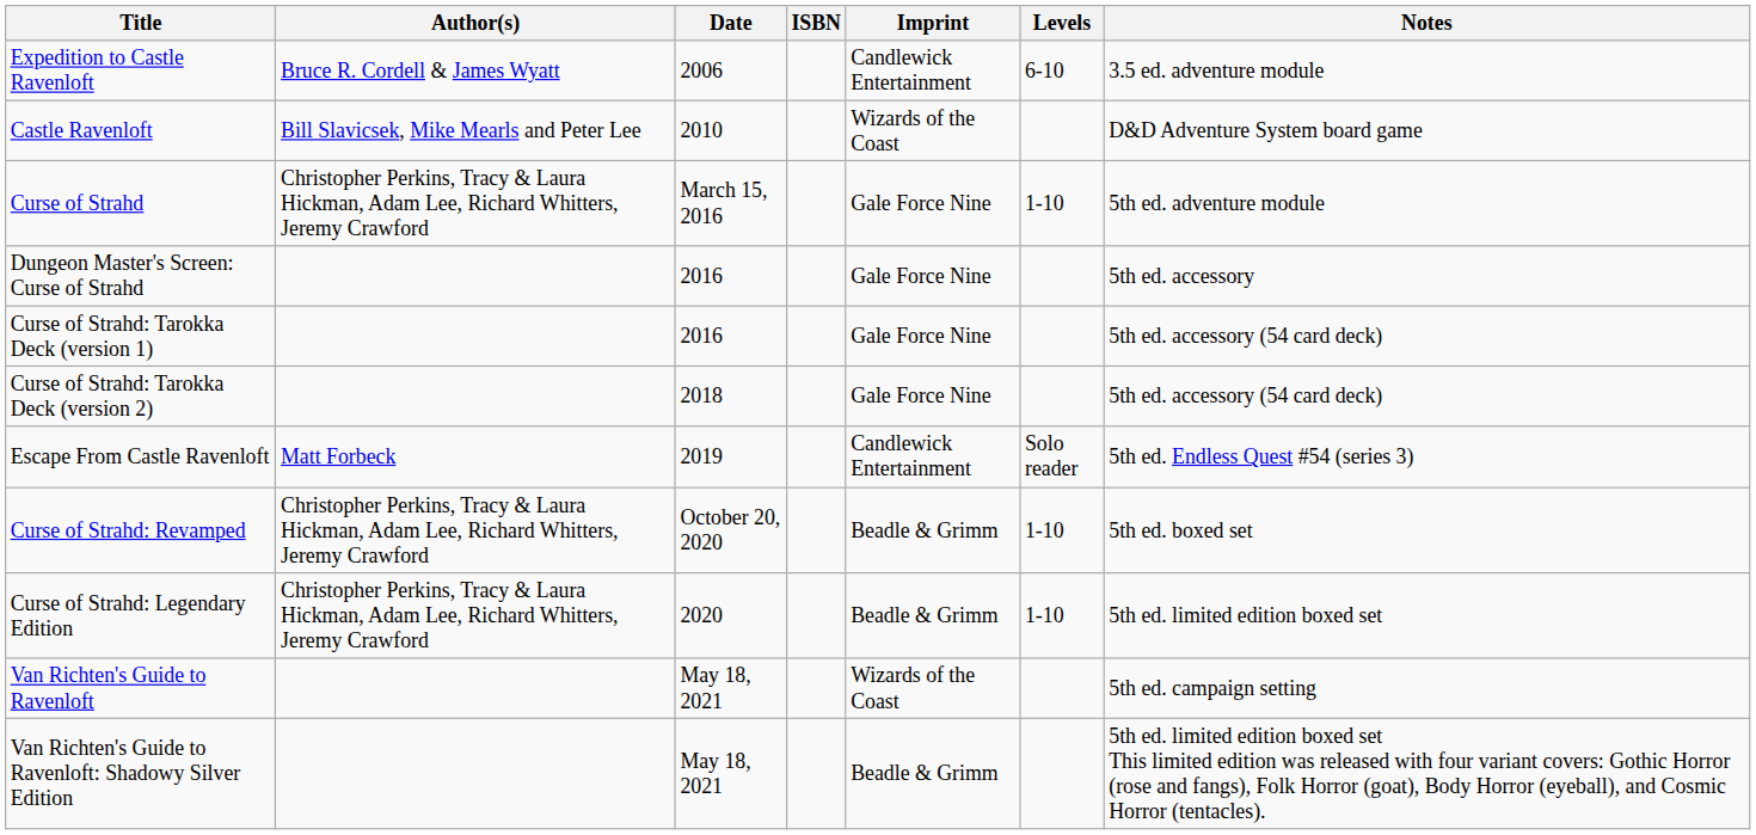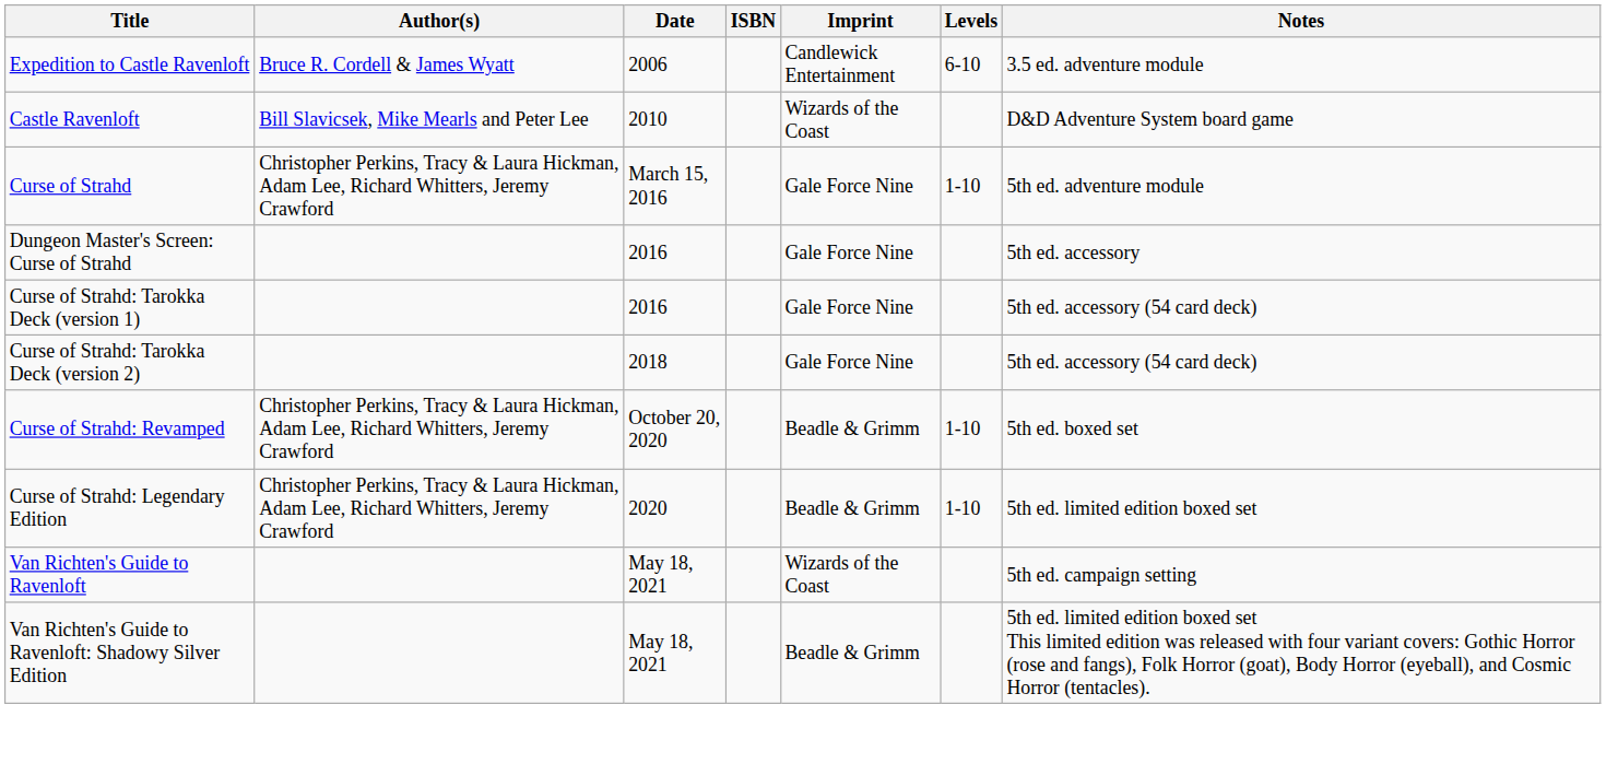 <table class="wikitable sortable" style="margins:auto; width=95%; font-size: 95%;">
 <tr>
 <th>Title</th>
 <th>Author(s)</th>
 <th>Date</th>
 <th>ISBN</th>
 <th>Imprint</th>
 <th>Levels</th>
 <th>Notes</th>
 </tr>
 <tr>
 <td><a href='#'>Expedition to Castle Ravenloft</a></td>
 <td><a href='#'>Bruce R. Cordell</a> & <a href='#'>James Wyatt</a></td>
 <td>2006</td>
 <td></td>
 <td>Candlewick Entertainment</td>
 <td>6-10</td>
 <td>3.5 ed. adventure module</td>
 </tr>
 <tr>
 <td><a href='#'>Castle Ravenloft</a></td>
 <td><a href='#'>Bill Slavicsek</a>, <a href='#'>Mike Mearls</a> and Peter Lee</td>
 <td>2010</td>
 <td></td>
 <td>Wizards of the Coast</td>
 <td></td>
 <td>D&D Adventure System board game </td>
 </tr>
 <tr>
 <td><a href='#'>Curse of Strahd</a></td>
 <td>Christopher Perkins, Tracy & Laura Hickman, Adam Lee, Richard Whitters, Jeremy Crawford</td>
 <td>March 15, 2016</td>
 <td></td>
 <td>Gale Force Nine</td>
 <td>1-10</td>
 <td>5th ed. adventure module</td>
 </tr>
 <tr>
 <td>Dungeon Master's Screen: Curse of Strahd</td>
 <td></td>
 <td>2016</td>
 <td></td>
 <td>Gale Force Nine</td>
 <td></td>
 <td>5th ed. accessory</td>
 </tr>
 <tr>
 <td>Curse of Strahd: Tarokka Deck (version 1)</td>
 <td></td>
 <td>2016</td>
 <td></td>
 <td>Gale Force Nine</td>
 <td></td>
 <td>5th ed. accessory (54 card deck)</td>
 </tr>
 <tr>
 <td>Curse of Strahd: Tarokka Deck (version 2)</td>
 <td></td>
 <td>2018</td>
 <td></td>
 <td>Gale Force Nine</td>
 <td></td>
 <td>5th ed. accessory (54 card deck)</td>
 </tr>
 <tr>
-<td>Escape From Castle Ravenloft</td>
-<td><a href='#'>Matt Forbeck</a></td>
-<td>2019</td>
-<td></td>
-<td>Candlewick Entertainment</td>
-<td>Solo reader</td>
-<td>5th ed. <a href='#'>Endless Quest</a> #54 (series 3)</td>
-</tr>
-<tr>
 <td><a href='#'>Curse of Strahd: Revamped</a></td>
 <td>Christopher Perkins, Tracy & Laura Hickman, Adam Lee, Richard Whitters, Jeremy Crawford</td>
 <td>October 20, 2020</td>
 <td></td>
 <td>Beadle & Grimm</td>
 <td>1-10</td>
 <td>5th ed. boxed set</td>
 </tr>
 <tr>
 <td>Curse of Strahd: Legendary Edition</td>
 <td>Christopher Perkins, Tracy & Laura Hickman, Adam Lee, Richard Whitters, Jeremy Crawford</td>
 <td>2020</td>
 <td></td>
 <td>Beadle & Grimm</td>
 <td>1-10</td>
 <td>5th ed. limited edition boxed set</td>
 </tr>
 <tr>
 <td><a href='#'>Van Richten's Guide to Ravenloft</a></td>
 <td></td>
 <td>May 18, 2021</td>
 <td></td>
 <td>Wizards of the Coast</td>
 <td></td>
 <td>5th ed. campaign setting</td>
 </tr>
 <tr>
 <td>Van Richten's Guide to Ravenloft: Shadowy Silver Edition</td>
 <td></td>
 <td>May 18, 2021</td>
 <td></td>
 <td>Beadle & Grimm</td>
 <td></td>
 <td>5th ed. limited edition boxed set<br>This limited edition was released with four variant covers: Gothic Horror (rose and fangs), Folk Horror (goat), Body Horror (eyeball), and Cosmic Horror (tentacles).</td>
 </tr>
 </table>
